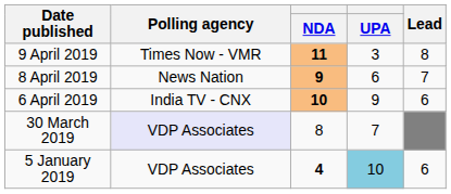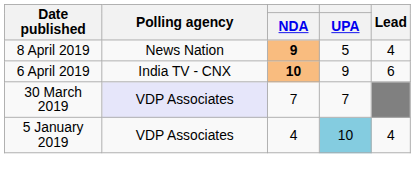 <table class="wikitable sortable" style="text-align:center;font-size:95%;line-height:16px">
 <tr>
 <th rowspan="2" width="100px">Date published</th>
 <th rowspan="2" width="175px">Polling agency</th>
 <th style="background:"></th>
 <th style="background:"></th>
 <th rowspan="2">Lead</th>
 </tr>
 <tr>
 <th width="50px" class="unsortable"><a href='#'>NDA</a></th>
 <th width="50px" class="unsortable"><a href='#'>UPA</a></th>
 </tr>
 <tr>
-<td>9 April 2019</td>
-<td>Times Now - VMR</td>
-<td style="background:#F9BC7F"><strong>11</strong></td>
-<td>3</td>
-<td style="background:"><span>8</span></td>
-</tr>
-<tr>
 <td>8 April 2019</td>
 <td>News Nation</td>
 <td style="background:#F9BC7F"><strong>9</strong></td>
-<td>6</td>
-<td style="background:"><span>7</span></td>
+<td>5</td>
+<td style="background:"><span>4</span></td>
 </tr>
 <tr>
 <td>6 April 2019</td>
 <td>India TV - CNX</td>
 <td style="background:#F9BC7F"><strong>10</strong></td>
 <td>9</td>
 <td style="background:"><span>6</span></td>
 </tr>
 <tr>
 <td>30 March 2019</td>
 <td style="background: lavender;">VDP Associates</td>
-<td>8</td>
+<td>7</td>
 <td>7</td>
 <td style="background:grey"><span></span></td>
 </tr>
 <tr>
 <td>5 January 2019</td>
 <td>VDP Associates</td>
-<td><strong>4</strong></td>
+<td>4</td>
 <td style="background:#84CCE0">10</td>
-<td style="background:"><span>6</span></td>
+<td style="background:"><span>4</span></td>
 </tr>
 </table>
